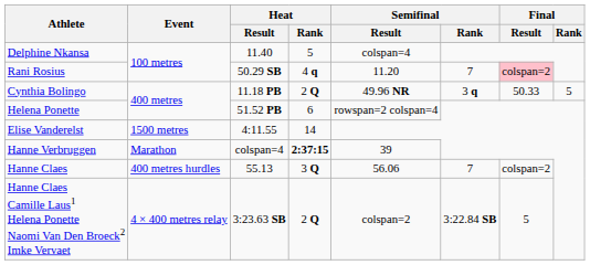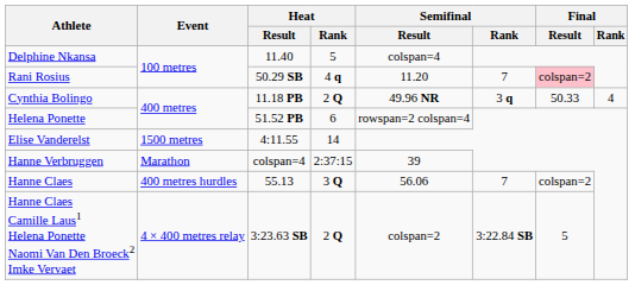 <table class="wikitable" style="font-size:90%">
 <tr>
 <th rowspan="2">Athlete</th>
 <th rowspan="2">Event</th>
 <th colspan="2">Heat</th>
 <th colspan="2">Semifinal</th>
 <th colspan="2">Final</th>
 </tr>
 <tr style="font-size:95%">
 <th>Result</th>
 <th>Rank</th>
 <th>Result</th>
 <th>Rank</th>
 <th>Result</th>
 <th>Rank</th>
 </tr>
 <tr align=center>
 <td align=left><a href='#'>Delphine Nkansa</a></td>
 <td align=left rowspan=2><a href='#'>100 metres</a></td>
 <td>11.40</td>
 <td>5</td>
 <td>colspan=4 </td>
 </tr>
 <tr align=center>
 <td align=left><a href='#'>Rani Rosius</a></td>
 <td>50.29 <strong>SB</strong></td>
 <td>4 <strong>q</strong></td>
 <td>11.20</td>
 <td>7</td>
 <td style="background: pink;">colspan=2 </td>
 </tr>
 <tr align=center>
 <td align=left><a href='#'>Cynthia Bolingo</a></td>
 <td align=left rowspan=2><a href='#'>400 metres</a></td>
 <td>11.18 <strong>PB</strong></td>
 <td>2 <strong>Q</strong></td>
 <td>49.96 <strong>NR</strong></td>
 <td>3 <strong>q</strong></td>
 <td>50.33</td>
-<td>5</td>
+<td>4</td>
 </tr>
 <tr align=center>
 <td align=left><a href='#'>Helena Ponette</a></td>
 <td>51.52 <strong>PB</strong></td>
 <td>6</td>
 <td>rowspan=2 colspan=4 </td>
 </tr>
 <tr align=center>
 <td align=left><a href='#'>Elise Vanderelst</a></td>
 <td align=left><a href='#'>1500 metres</a></td>
 <td>4:11.55</td>
 <td>14</td>
 </tr>
 <tr align=center>
 <td align=left><a href='#'>Hanne Verbruggen</a></td>
 <td align=left><a href='#'>Marathon</a></td>
 <td>colspan=4</td>
-<td><strong>2:37:15</strong></td>
+<td>2:37:15</td>
 <td>39</td>
 </tr>
 <tr align=center>
 <td align=left><a href='#'>Hanne Claes</a></td>
 <td align=left><a href='#'>400 metres hurdles</a></td>
 <td>55.13</td>
 <td>3 <strong>Q</strong></td>
 <td>56.06</td>
 <td>7</td>
 <td>colspan=2 </td>
 </tr>
 <tr align=center>
 <td align=left><a href='#'>Hanne Claes</a><br><a href='#'>Camille Laus</a><sup>1</sup><br><a href='#'>Helena Ponette</a><br><a href='#'>Naomi Van Den Broeck</a><sup>2</sup><br><a href='#'>Imke Vervaet</a></td>
 <td align=left><a href='#'>4 × 400 metres relay</a></td>
 <td>3:23.63 <strong>SB</strong></td>
 <td>2 <strong>Q</strong></td>
 <td>colspan=2</td>
 <td>3:22.84 <strong>SB</strong></td>
 <td>5</td>
 </tr>
 </table>
